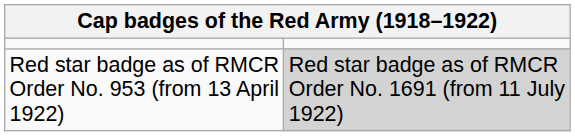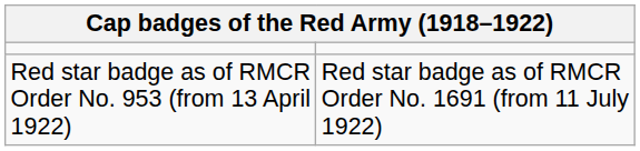 <table class="wikitable">
 <tr>
 <th colspan="2">Cap badges of the Red Army (1918–1922)</th>
 </tr>
 <tr>
 <td></td>
 <td></td>
 </tr>
 <tr>
 <td>Red star badge as of RMCR<br>Order No. 953 (from 13 April<br>1922)</td>
-<td style="background: lightgrey;">Red star badge as of RMCR<br>Order No. 1691 (from 11 July<br>1922)</td>
+<td>Red star badge as of RMCR<br>Order No. 1691 (from 11 July<br>1922)</td>
 </tr>
 </table>
